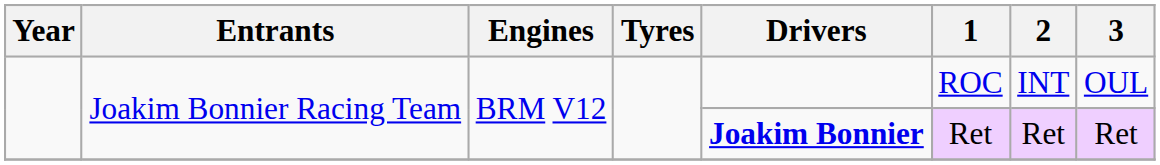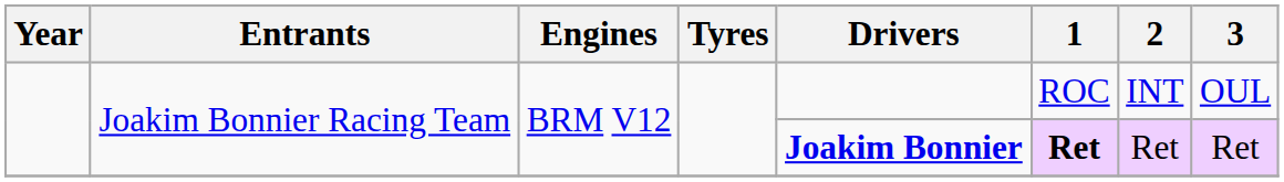 <table class="wikitable" style="text-align:center; font-size:95%">
 <tr>
 <th>Year</th>
 <th>Entrants</th>
 <th>Engines</th>
 <th>Tyres</th>
 <th>Drivers</th>
 <th>1</th>
 <th>2</th>
 <th>3</th>
 </tr>
 <tr>
 <td rowspan="2"></td>
 <td rowspan="2"><a href='#'>Joakim Bonnier Racing Team</a></td>
 <td rowspan="2"><a href='#'>BRM</a> <a href='#'>V12</a></td>
 <td rowspan="2"></td>
 <td></td>
 <td><a href='#'>ROC</a></td>
 <td><a href='#'>INT</a></td>
 <td><a href='#'>OUL</a></td>
 </tr>
 <tr>
 <td><strong><a href='#'>Joakim Bonnier</a></strong></td>
-<td style="background:#efcfff;">Ret</td>
+<td style="background:#efcfff;"><strong>Ret</strong></td>
 <td style="background:#efcfff;">Ret</td>
 <td style="background:#efcfff;">Ret</td>
 </tr>
 <tr>
 </tr>
 </table>
